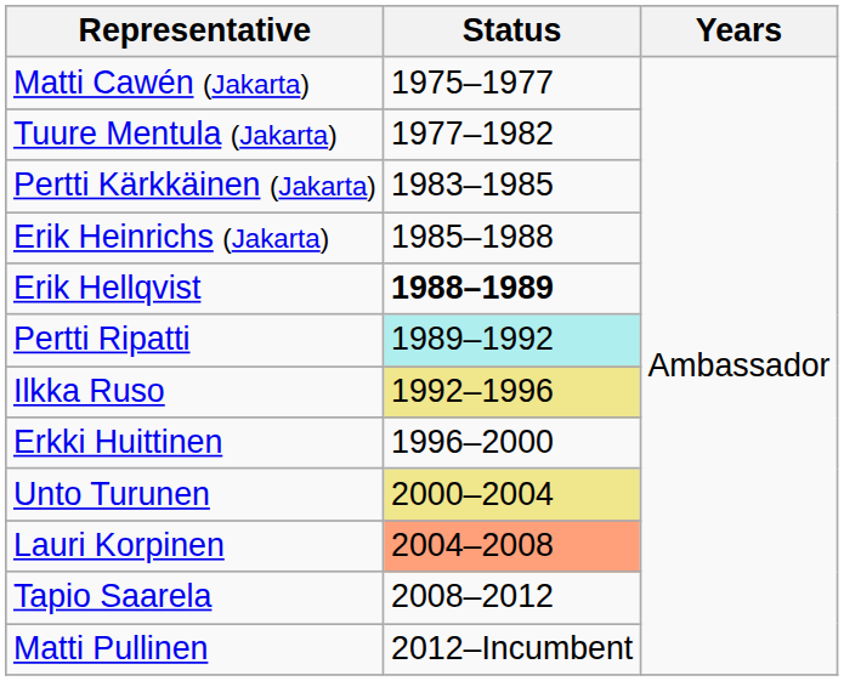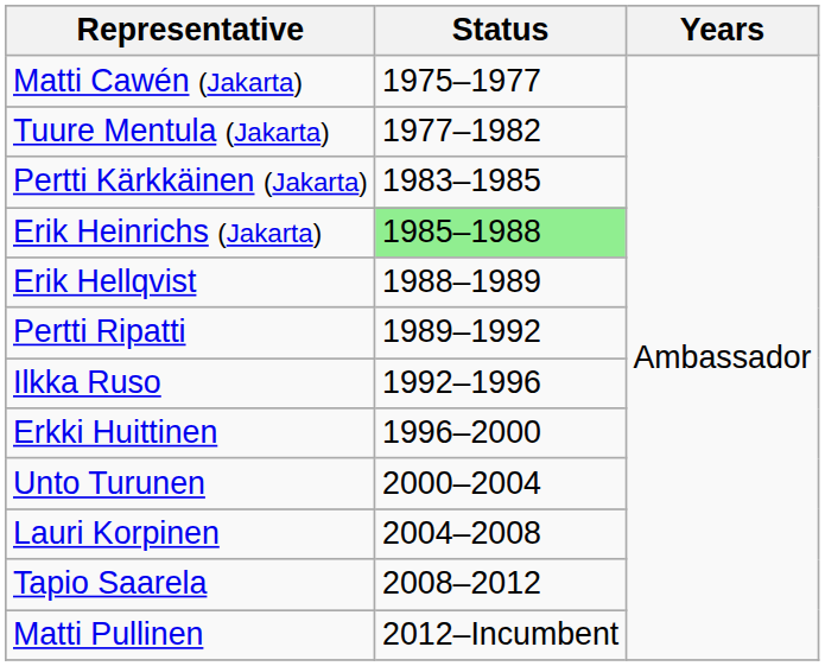 <table class="wikitable sortable">
 <tr>
 <th>Representative</th>
 <th>Status</th>
 <th>Years</th>
 </tr>
 <tr>
 <td><a href='#'>Matti Cawén</a> <small>(<a href='#'>Jakarta</a>)</small></td>
 <td>1975–1977</td>
 <td rowspan="12">Ambassador</td>
 </tr>
 <tr>
 <td><a href='#'>Tuure Mentula</a> <small>(<a href='#'>Jakarta</a>)</small></td>
 <td>1977–1982</td>
 </tr>
 <tr>
 <td><a href='#'>Pertti Kärkkäinen</a> <small>(<a href='#'>Jakarta</a>)</small></td>
 <td>1983–1985</td>
 </tr>
 <tr>
 <td><a href='#'>Erik Heinrichs</a> <small>(<a href='#'>Jakarta</a>)</small></td>
-<td>1985–1988</td>
+<td style="background: lightgreen;">1985–1988</td>
 </tr>
 <tr>
 <td><a href='#'>Erik Hellqvist</a></td>
-<td><strong>1988–1989</strong></td>
+<td>1988–1989</td>
 </tr>
 <tr>
 <td><a href='#'>Pertti Ripatti</a></td>
-<td style="background: paleturquoise;">1989–1992</td>
+<td>1989–1992</td>
 </tr>
 <tr>
 <td><a href='#'>Ilkka Ruso</a></td>
-<td style="background: khaki;">1992–1996</td>
+<td>1992–1996</td>
 </tr>
 <tr>
 <td><a href='#'>Erkki Huittinen</a></td>
 <td>1996–2000</td>
 </tr>
 <tr>
 <td><a href='#'>Unto Turunen</a></td>
-<td style="background: khaki;">2000–2004</td>
+<td>2000–2004</td>
 </tr>
 <tr>
 <td><a href='#'>Lauri Korpinen</a></td>
-<td style="background: lightsalmon;">2004–2008</td>
+<td>2004–2008</td>
 </tr>
 <tr>
 <td><a href='#'>Tapio Saarela</a></td>
 <td>2008–2012</td>
 </tr>
 <tr>
 <td><a href='#'>Matti Pullinen</a></td>
 <td>2012–Incumbent</td>
 </tr>
 </table>
